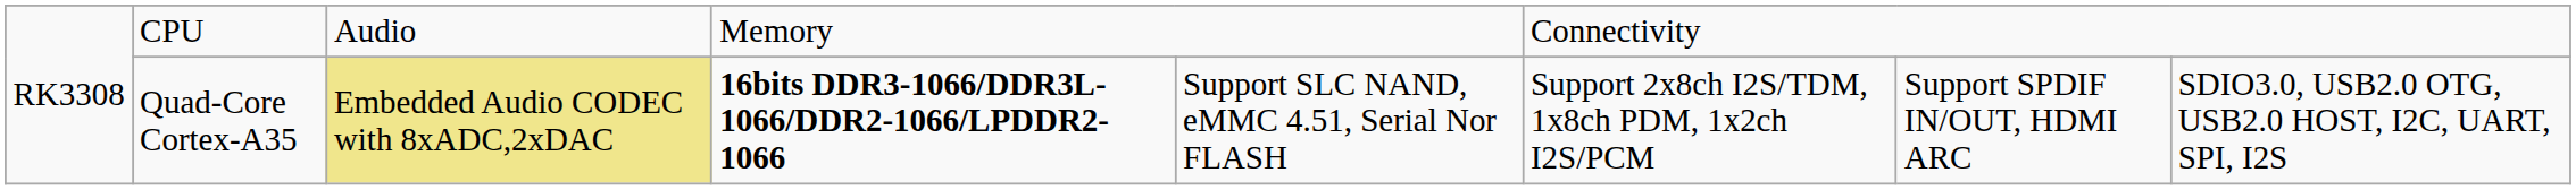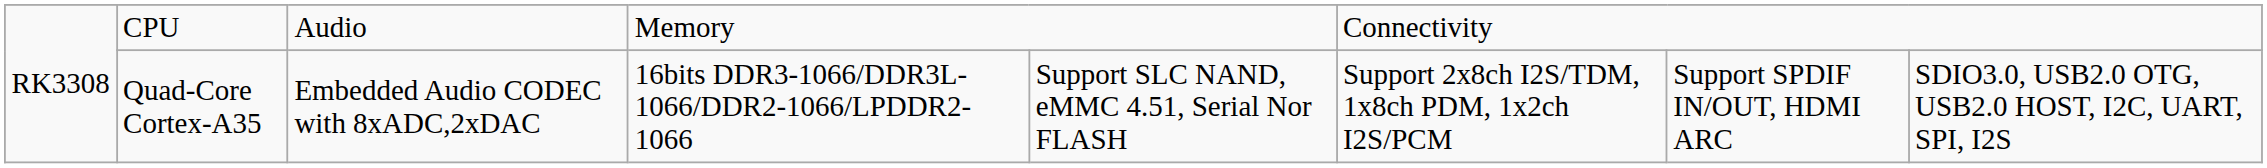 <table class="wikitable">
 <tr>
 <td rowspan="2">RK3308</td>
 <td>CPU</td>
 <td>Audio</td>
 <td colspan="2">Memory</td>
 <td colspan="3">Connectivity</td>
 </tr>
 <tr>
 <td>Quad-Core     Cortex-A35</td>
-<td style="background: khaki;">Embedded Audio CODEC with 8xADC,2xDAC</td>
-<td><strong>16bits DDR3-1066/DDR3L-1066/DDR2-1066/LPDDR2-1066</strong></td>
+<td>Embedded Audio CODEC with 8xADC,2xDAC</td>
+<td>16bits DDR3-1066/DDR3L-1066/DDR2-1066/LPDDR2-1066</td>
 <td>Support SLC NAND, eMMC 4.51, Serial Nor FLASH</td>
 <td>Support 2x8ch I2S/TDM, 1x8ch PDM, 1x2ch I2S/PCM</td>
 <td>Support SPDIF IN/OUT, HDMI ARC</td>
 <td>SDIO3.0, USB2.0 OTG, USB2.0 HOST, I2C, UART, SPI, I2S</td>
 </tr>
 </table>
